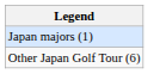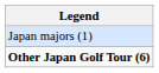 <table class="wikitable" style="font-size:95%;">
 <tr>
 <th>Legend</th>
 </tr>
 <tr style="background:#D6E8FF;">
 <td>Japan majors (1)</td>
 </tr>
 <tr>
-<td>Other Japan Golf Tour (6)</td>
+<td><strong>Other Japan Golf Tour (6)</strong></td>
 </tr>
 </table>
